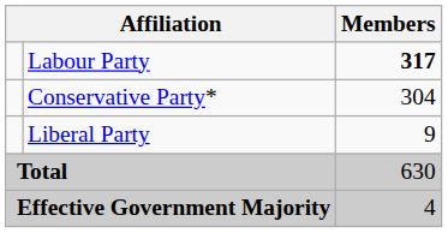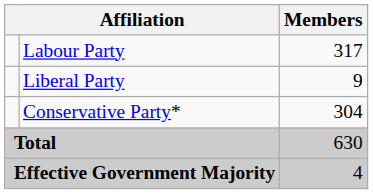 <table class="wikitable">
 <tr>
 <th colspan="2">Affiliation</th>
 <th>Members</th>
 </tr>
 <tr>
 <td style="color:inherit;background:"></td>
 <td><a href='#'>Labour Party</a></td>
-<td align="right"><strong>317</strong></td>
+<td align="right">317</td>
+</tr>
+<tr>
+<td style="color:inherit;background:"></td>
+<td><a href='#'>Liberal Party</a></td>
+<td align="right">9</td>
 </tr>
 <tr>
 <td style="color:inherit;background:"></td>
 <td><a href='#'>Conservative Party</a>*</td>
 <td align="right">304</td>
-</tr>
-<tr>
-<td style="color:inherit;background:"></td>
-<td><a href='#'>Liberal Party</a></td>
-<td align="right">9</td>
 </tr>
 <tr bgcolor="CCCCCC">
 <td colspan="2" rowspan="1"> <strong>Total</strong></td>
 <td align="right">630</td>
 </tr>
 <tr bgcolor="CCCCCC">
 <td colspan="2" rowspan="1"> <strong>Effective Government Majority</strong></td>
 <td align="right">4</td>
 </tr>
 </table>
